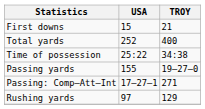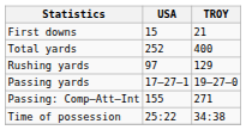 <table class="wikitable" style="float: left;">
 <tr>
 <th>Statistics</th>
 <th>USA</th>
 <th>TROY</th>
 </tr>
 <tr>
 <td>First downs</td>
 <td>15</td>
 <td>21</td>
 </tr>
 <tr>
 <td>Total yards</td>
 <td>252</td>
 <td>400</td>
 </tr>
 <tr>
+<td>Rushing yards</td>
+<td>97</td>
+<td>129</td>
+</tr>
+<tr>
+<td>Passing yards</td>
+<td>17–27–1</td>
+<td>19–27–0</td>
+</tr>
+<tr>
+<td>Passing: Comp–Att–Int</td>
+<td>155</td>
+<td>271</td>
+</tr>
+<tr>
 <td>Time of possession</td>
 <td>25:22</td>
 <td>34:38</td>
 </tr>
 <tr>
-<td>Passing yards</td>
-<td>155</td>
-<td>19–27–0</td>
-</tr>
-<tr>
-<td>Passing: Comp–Att–Int</td>
-<td>17–27–1</td>
-<td>271</td>
-</tr>
-<tr>
-<td>Rushing yards</td>
-<td>97</td>
-<td>129</td>
-</tr>
-<tr>
 </tr>
 </table>
